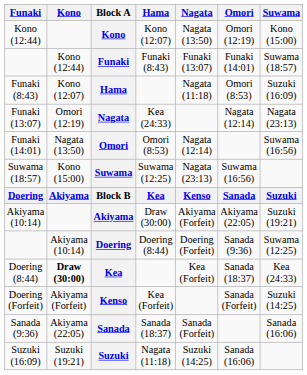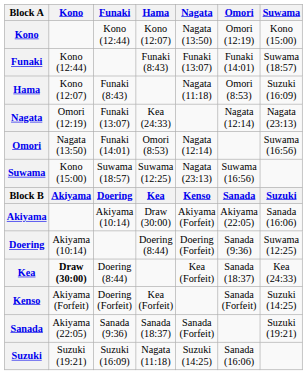 <table class="wikitable" style="margin: 1em auto 1em auto; text-align:center;">
 <tr>
+<th>Block A</th>
+<th><a href='#'>Kono</a></th>
 <th><a href='#'>Funaki</a></th>
-<th><a href='#'>Kono</a></th>
-<th>Block A</th>
 <th><a href='#'>Hama</a></th>
 <th><a href='#'>Nagata</a></th>
 <th><a href='#'>Omori</a></th>
 <th><a href='#'>Suwama</a></th>
 </tr>
 <tr>
+<th><a href='#'>Kono</a></th>
+<td></td>
 <td>Kono<br>(12:44)</td>
-<td></td>
-<th><a href='#'>Kono</a></th>
 <td>Kono<br>(12:07)</td>
 <td>Nagata<br>(13:50)</td>
 <td>Omori<br>(12:19)</td>
 <td>Kono<br>(15:00)</td>
 </tr>
 <tr>
+<th><a href='#'>Funaki</a></th>
+<td>Kono<br>(12:44)</td>
 <td></td>
-<td>Kono<br>(12:44)</td>
-<th><a href='#'>Funaki</a></th>
 <td>Funaki<br>(8:43)</td>
 <td>Funaki<br>(13:07)</td>
 <td>Funaki<br>(14:01)</td>
 <td>Suwama<br>(18:57)</td>
 </tr>
 <tr>
+<th><a href='#'>Hama</a></th>
+<td>Kono<br>(12:07)</td>
 <td>Funaki<br>(8:43)</td>
-<td>Kono<br>(12:07)</td>
-<th><a href='#'>Hama</a></th>
 <td></td>
 <td>Nagata<br>(11:18)</td>
 <td>Omori<br>(8:53)</td>
 <td>Suzuki<br>(16:09)</td>
 </tr>
 <tr>
+<th><a href='#'>Nagata</a></th>
+<td>Omori<br>(12:19)</td>
 <td>Funaki<br>(13:07)</td>
-<td>Omori<br>(12:19)</td>
-<th><a href='#'>Nagata</a></th>
 <td>Kea<br>(24:33)</td>
 <td></td>
 <td>Nagata<br>(12:14)</td>
 <td>Nagata<br>(23:13)</td>
 </tr>
 <tr>
+<th><a href='#'>Omori</a></th>
+<td>Nagata<br>(13:50)</td>
 <td>Funaki<br>(14:01)</td>
-<td>Nagata<br>(13:50)</td>
-<th><a href='#'>Omori</a></th>
 <td>Omori<br>(8:53)</td>
 <td>Nagata<br>(12:14)</td>
 <td></td>
 <td>Suwama<br>(16:56)</td>
 </tr>
 <tr>
+<th><a href='#'>Suwama</a></th>
+<td>Kono<br>(15:00)</td>
 <td>Suwama<br>(18:57)</td>
-<td>Kono<br>(15:00)</td>
-<th><a href='#'>Suwama</a></th>
 <td>Suwama<br>(12:25)</td>
 <td>Nagata<br>(23:13)</td>
 <td>Suwama<br>(16:56)</td>
 <td></td>
 </tr>
 <tr>
+<th>Block B</th>
+<th><a href='#'>Akiyama</a></th>
 <th><a href='#'>Doering</a></th>
-<th><a href='#'>Akiyama</a></th>
-<th>Block B</th>
 <th><a href='#'>Kea</a></th>
 <th><a href='#'>Kenso</a></th>
 <th><a href='#'>Sanada</a></th>
 <th><a href='#'>Suzuki</a></th>
 </tr>
 <tr>
+<th><a href='#'>Akiyama</a></th>
+<td></td>
 <td>Akiyama<br>(10:14)</td>
-<td></td>
-<th><a href='#'>Akiyama</a></th>
 <td>Draw<br>(30:00)</td>
 <td>Akiyama<br>(Forfeit)</td>
 <td>Akiyama<br>(22:05)</td>
-<td>Suzuki<br>(19:21)</td>
+<td>Sanada<br>(16:06)</td>
 </tr>
 <tr>
+<th><a href='#'>Doering</a></th>
+<td>Akiyama<br>(10:14)</td>
 <td></td>
-<td>Akiyama<br>(10:14)</td>
-<th><a href='#'>Doering</a></th>
 <td>Doering<br>(8:44)</td>
 <td>Doering<br>(Forfeit)</td>
 <td>Sanada<br>(9:36)</td>
 <td>Suwama<br>(12:25)</td>
 </tr>
 <tr>
+<th><a href='#'>Kea</a></th>
+<td><strong>Draw<br>(30:00)</strong></td>
 <td>Doering<br>(8:44)</td>
-<td><strong>Draw<br>(30:00)</strong></td>
-<th><a href='#'>Kea</a></th>
 <td></td>
 <td>Kea<br>(Forfeit)</td>
 <td>Sanada<br>(18:37)</td>
 <td>Kea<br>(24:33)</td>
 </tr>
 <tr>
+<th><a href='#'>Kenso</a></th>
+<td>Akiyama<br>(Forfeit)</td>
 <td>Doering<br>(Forfeit)</td>
-<td>Akiyama<br>(Forfeit)</td>
-<th><a href='#'>Kenso</a></th>
 <td>Kea<br>(Forfeit)</td>
 <td></td>
 <td>Sanada<br>(Forfeit)</td>
 <td>Suzuki<br>(14:25)</td>
 </tr>
 <tr>
+<th><a href='#'>Sanada</a></th>
+<td>Akiyama<br>(22:05)</td>
 <td>Sanada<br>(9:36)</td>
-<td>Akiyama<br>(22:05)</td>
-<th><a href='#'>Sanada</a></th>
 <td>Sanada<br>(18:37)</td>
 <td>Sanada<br>(Forfeit)</td>
 <td></td>
-<td>Sanada<br>(16:06)</td>
+<td>Suzuki<br>(19:21)</td>
 </tr>
 <tr>
+<th><a href='#'>Suzuki</a></th>
+<td>Suzuki<br>(19:21)</td>
 <td>Suzuki<br>(16:09)</td>
-<td>Suzuki<br>(19:21)</td>
-<th><a href='#'>Suzuki</a></th>
 <td>Nagata<br>(11:18)</td>
 <td>Suzuki<br>(14:25)</td>
 <td>Sanada<br>(16:06)</td>
 <td></td>
 </tr>
 </table>
